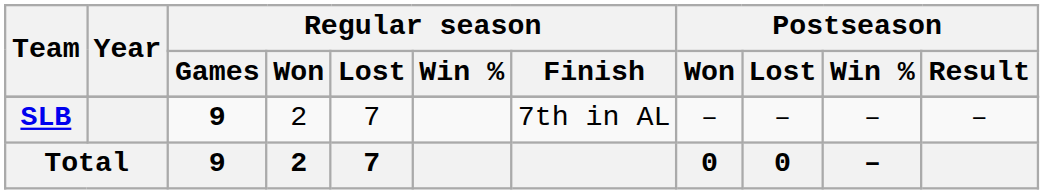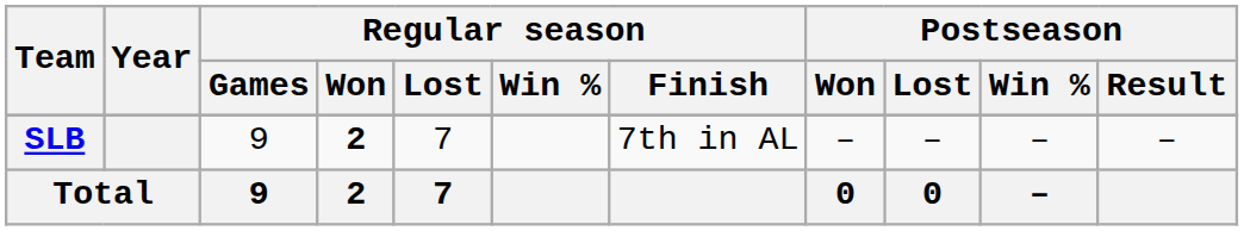 <table class="wikitable" style="font-size: 95%; text-align:center;">
 <tr>
 <th rowspan="2">Team</th>
 <th rowspan="2">Year</th>
 <th colspan="5">Regular season</th>
 <th colspan="4">Postseason</th>
 </tr>
 <tr>
 <th>Games</th>
 <th>Won</th>
 <th>Lost</th>
 <th>Win %</th>
 <th>Finish</th>
 <th>Won</th>
 <th>Lost</th>
 <th>Win %</th>
 <th>Result</th>
 </tr>
 <tr>
 </tr>
 <tr>
 <th><a href='#'>SLB</a></th>
 <th></th>
-<td><strong>9</strong></td>
-<td>2</td>
+<td>9</td>
+<td><strong>2</strong></td>
 <td>7</td>
 <td></td>
 <td>7th in AL</td>
 <td>–</td>
 <td>–</td>
 <td>–</td>
 <td>–</td>
 </tr>
 <tr>
 <th colspan="2">Total</th>
 <th>9</th>
 <th>2</th>
 <th>7</th>
 <th></th>
 <th></th>
 <th>0</th>
 <th>0</th>
 <th>–</th>
 <th></th>
 </tr>
 </table>
